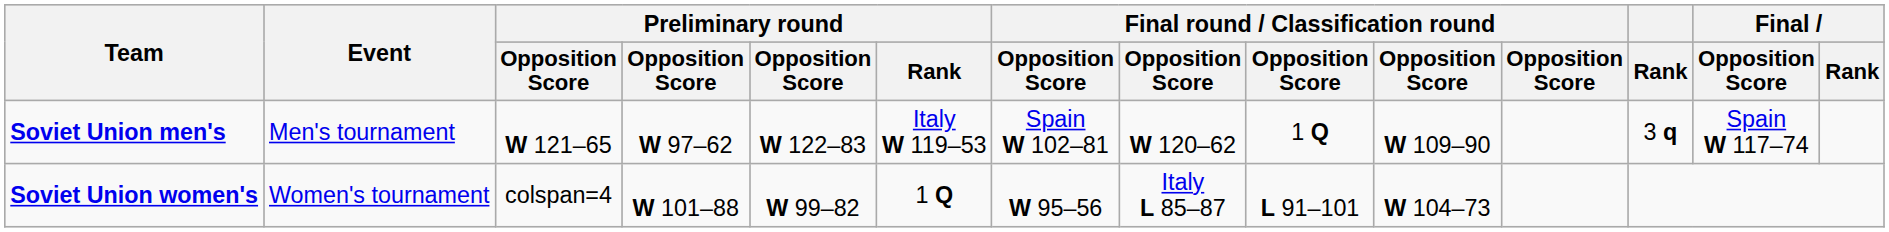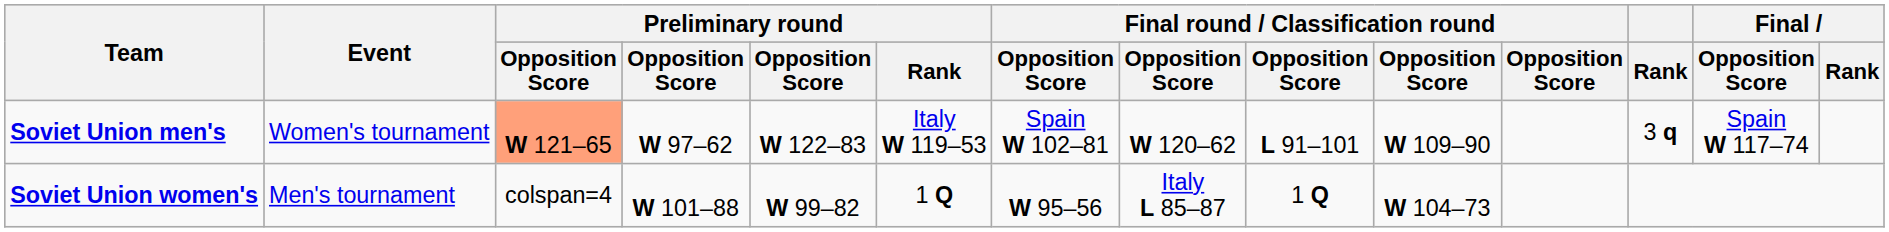 <table class="wikitable" style="text-align:center;font-size:90%">
 <tr>
 <th rowspan=2>Team</th>
 <th rowspan=2>Event</th>
 <th colspan=4>Preliminary round</th>
 <th colspan=5>Final round / Classification round</th>
 <th></th>
 <th colspan=2>Final / </th>
 </tr>
 <tr style="font-size:95%">
 <th>Opposition<br>Score</th>
 <th>Opposition<br>Score</th>
 <th>Opposition<br>Score</th>
 <th>Rank</th>
 <th>Opposition<br>Score</th>
 <th>Opposition<br>Score</th>
 <th>Opposition<br>Score</th>
 <th>Opposition<br>Score</th>
 <th>Opposition<br>Score</th>
 <th>Rank</th>
 <th>Opposition<br>Score</th>
 <th>Rank</th>
 </tr>
 <tr>
 <td align=left><strong><a href='#'>Soviet Union men's</a></strong></td>
-<td align=left><a href='#'>Men's tournament</a></td>
-<td><br><strong>W</strong> 121–65</td>
+<td align=left><a href='#'>Women's tournament</a></td>
+<td style="background: lightsalmon;"><br><strong>W</strong> 121–65</td>
 <td><br><strong>W</strong> 97–62</td>
 <td><br><strong>W</strong> 122–83</td>
 <td> <a href='#'>Italy</a><br><strong>W</strong> 119–53</td>
 <td> <a href='#'>Spain</a><br><strong>W</strong> 102–81</td>
 <td><br><strong>W</strong> 120–62</td>
-<td>1 <strong>Q</strong></td>
+<td><br><strong>L</strong> 91–101</td>
 <td><br><strong>W</strong> 109–90</td>
 <td></td>
 <td>3 <strong>q</strong></td>
 <td> <a href='#'>Spain</a><br><strong>W</strong> 117–74</td>
 <td></td>
 </tr>
 <tr>
 <td align=left><strong><a href='#'>Soviet Union women's</a></strong></td>
-<td align=left><a href='#'>Women's tournament</a></td>
+<td align=left><a href='#'>Men's tournament</a></td>
 <td>colspan=4 </td>
 <td><br><strong>W</strong> 101–88</td>
 <td><br><strong>W</strong> 99–82</td>
 <td>1 <strong>Q</strong></td>
 <td><br><strong>W</strong> 95–56</td>
 <td> <a href='#'>Italy</a><br><strong>L</strong> 85–87</td>
-<td><br><strong>L</strong> 91–101</td>
+<td>1 <strong>Q</strong></td>
 <td><br><strong>W</strong> 104–73</td>
 <td></td>
 </tr>
 </table>
